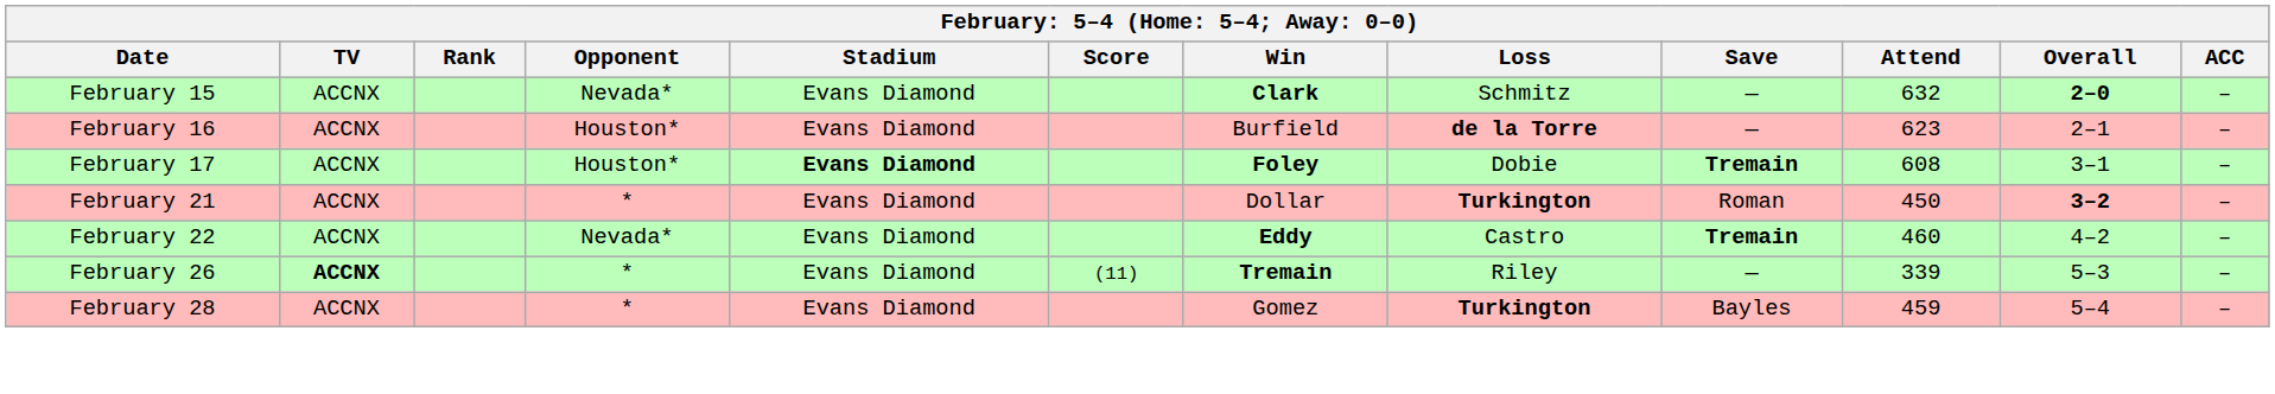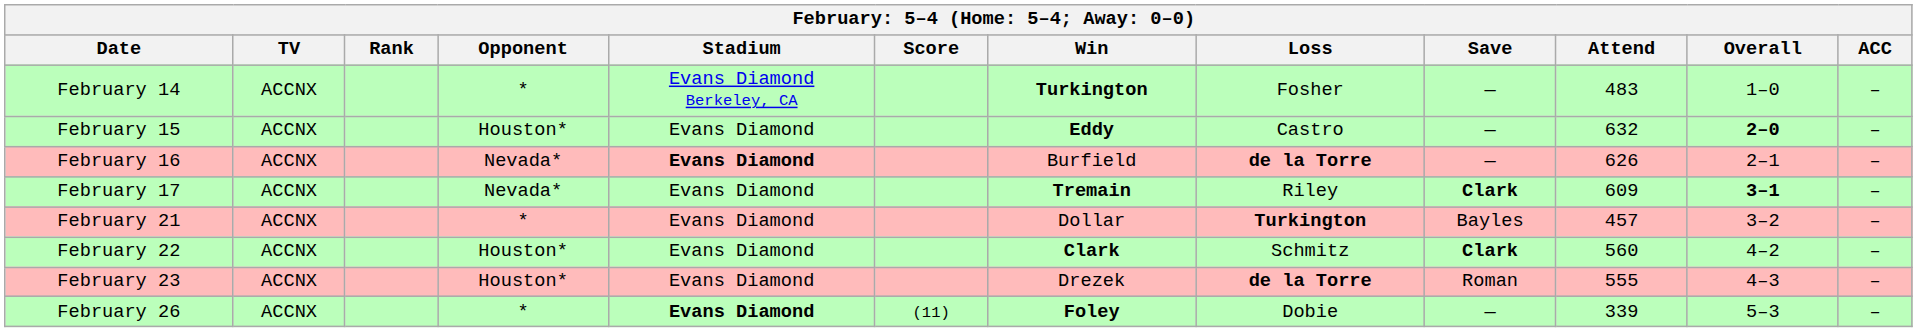 <table class="wikitable collapsible collapsed" style="margin:auto; width:100%; text-align:center; font-size:95%">
 <tr>
 <th colspan=12 style="padding-left:4em;">February: 5–4 (Home: 5–4; Away: 0–0)</th>
 </tr>
 <tr>
 <th>Date</th>
 <th>TV</th>
 <th>Rank</th>
 <th>Opponent</th>
 <th>Stadium</th>
 <th>Score</th>
 <th>Win</th>
 <th>Loss</th>
 <th>Save</th>
 <th>Attend</th>
 <th>Overall</th>
 <th>ACC</th>
 </tr>
 <tr style="background:#bfb;">
+<td>February 14</td>
+<td>ACCNX</td>
+<td></td>
+<td>*</td>
+<td><a href='#'>Evans Diamond</a><br><small><a href='#'>Berkeley, CA</a></small></td>
+<td></td>
+<td><strong>Turkington</strong></td>
+<td>Fosher</td>
+<td>—</td>
+<td>483</td>
+<td>1–0</td>
+<td>–</td>
+</tr>
+<tr style="background:#bfb;">
 <td>February 15</td>
 <td>ACCNX</td>
 <td></td>
-<td>Nevada*</td>
+<td>Houston*</td>
 <td>Evans Diamond</td>
 <td></td>
-<td><strong>Clark</strong></td>
-<td>Schmitz</td>
+<td><strong>Eddy</strong></td>
+<td>Castro</td>
 <td>—</td>
 <td>632</td>
 <td><strong>2–0</strong></td>
 <td>–</td>
 </tr>
 <tr style="background:#fbb;">
 <td>February 16</td>
 <td>ACCNX</td>
 <td></td>
-<td>Houston*</td>
-<td>Evans Diamond</td>
+<td>Nevada*</td>
+<td><strong>Evans Diamond</strong></td>
 <td></td>
 <td>Burfield</td>
 <td><strong>de la Torre</strong></td>
 <td>—</td>
-<td>623</td>
+<td>626</td>
 <td>2–1</td>
 <td>–</td>
 </tr>
 <tr style="background:#bfb;">
 <td>February 17</td>
 <td>ACCNX</td>
 <td></td>
-<td>Houston*</td>
-<td><strong>Evans Diamond</strong></td>
+<td>Nevada*</td>
+<td>Evans Diamond</td>
 <td></td>
-<td><strong>Foley</strong></td>
-<td>Dobie</td>
 <td><strong>Tremain</strong></td>
-<td>608</td>
-<td>3–1</td>
+<td>Riley</td>
+<td><strong>Clark</strong></td>
+<td>609</td>
+<td><strong>3–1</strong></td>
 <td>–</td>
 </tr>
 <tr style="background:#fbb;">
 <td>February 21</td>
 <td>ACCNX</td>
 <td></td>
 <td>*</td>
 <td>Evans Diamond</td>
 <td></td>
 <td>Dollar</td>
 <td><strong>Turkington</strong></td>
-<td>Roman</td>
-<td>450</td>
-<td><strong>3–2</strong></td>
+<td>Bayles</td>
+<td>457</td>
+<td>3–2</td>
 <td>–</td>
 </tr>
 <tr style="background:#bfb;">
 <td>February 22</td>
 <td>ACCNX</td>
 <td></td>
-<td>Nevada*</td>
+<td>Houston*</td>
 <td>Evans Diamond</td>
 <td></td>
-<td><strong>Eddy</strong></td>
-<td>Castro</td>
-<td><strong>Tremain</strong></td>
-<td>460</td>
+<td><strong>Clark</strong></td>
+<td>Schmitz</td>
+<td><strong>Clark</strong></td>
+<td>560</td>
 <td>4–2</td>
+<td>–</td>
+</tr>
+<tr style="background:#fbb;">
+<td>February 23</td>
+<td>ACCNX</td>
+<td></td>
+<td>Houston*</td>
+<td>Evans Diamond</td>
+<td></td>
+<td>Drezek</td>
+<td><strong>de la Torre</strong></td>
+<td>Roman</td>
+<td>555</td>
+<td>4–3</td>
 <td>–</td>
 </tr>
 <tr style="background:#bfb;">
 <td>February 26</td>
-<td><strong>ACCNX</strong></td>
+<td>ACCNX</td>
 <td></td>
 <td>*</td>
-<td>Evans Diamond</td>
+<td><strong>Evans Diamond</strong></td>
 <td> <small>(11)</small></td>
-<td><strong>Tremain</strong></td>
-<td>Riley</td>
+<td><strong>Foley</strong></td>
+<td>Dobie</td>
 <td>—</td>
 <td>339</td>
 <td>5–3</td>
 <td>–</td>
 </tr>
-<tr style="background:#fbb;">
-<td>February 28</td>
-<td>ACCNX</td>
-<td></td>
-<td>*</td>
-<td>Evans Diamond</td>
-<td></td>
-<td>Gomez</td>
-<td><strong>Turkington</strong></td>
-<td>Bayles</td>
-<td>459</td>
-<td>5–4</td>
-<td>–</td>
-</tr>
 </table>
